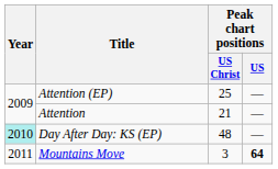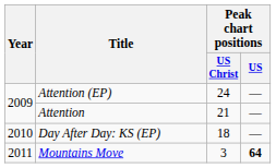 <table class="wikitable" style="text-align:center">
 <tr>
 <th rowspan="2">Year</th>
 <th width="210" rowspan="2">Title</th>
 <th colspan="2">Peak chart positions</th>
 </tr>
 <tr>
 <th scope="col" style="width:2.3em;font-size:85%;"><a href='#'>US<br>Christ</a><br></th>
 <th scope="col" style="width:2.3em;font-size:85%;"><a href='#'>US</a><br></th>
 </tr>
 <tr>
 <td rowspan="2">2009</td>
 <td style="text-align:left;"><em>Attention (EP)</em></td>
-<td>25</td>
+<td>24</td>
 <td>—</td>
 </tr>
 <tr>
 <td style="text-align:left;"><em>Attention</em></td>
 <td>21</td>
 <td>—</td>
 </tr>
 <tr>
-<td style="background: paleturquoise;">2010</td>
+<td>2010</td>
 <td style="text-align:left;"><em>Day After Day: KS (EP)</em></td>
-<td>48</td>
+<td>18</td>
 <td>—</td>
 </tr>
 <tr>
 <td>2011</td>
 <td style="text-align:left;"><em><a href='#'>Mountains Move</a></em></td>
 <td>3</td>
 <td><strong>64</strong></td>
 </tr>
 </table>
